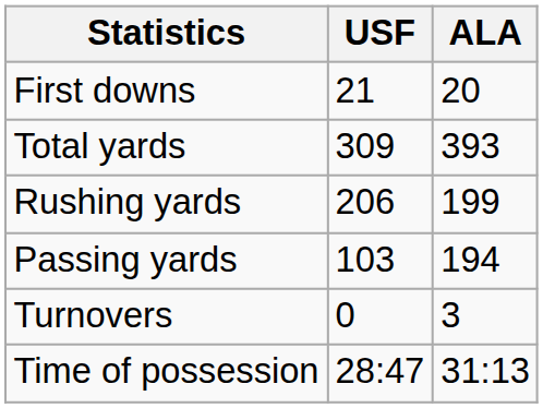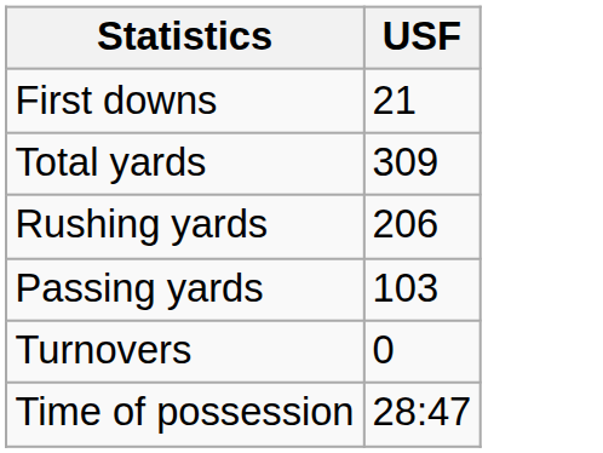 <table class="wikitable" style="float: left;">
 <tr>
 <th>Statistics</th>
 <th>USF</th>
-<th>ALA</th>
 </tr>
 <tr>
 <td>First downs</td>
 <td>21</td>
-<td>20</td>
 </tr>
 <tr>
 <td>Total yards</td>
 <td>309</td>
-<td>393</td>
 </tr>
 <tr>
 <td>Rushing yards</td>
 <td>206</td>
-<td>199</td>
 </tr>
 <tr>
 <td>Passing yards</td>
 <td>103</td>
-<td>194</td>
 </tr>
 <tr>
 <td>Turnovers</td>
 <td>0</td>
-<td>3</td>
 </tr>
 <tr>
 <td>Time of possession</td>
 <td>28:47</td>
-<td>31:13</td>
 </tr>
 </table>
